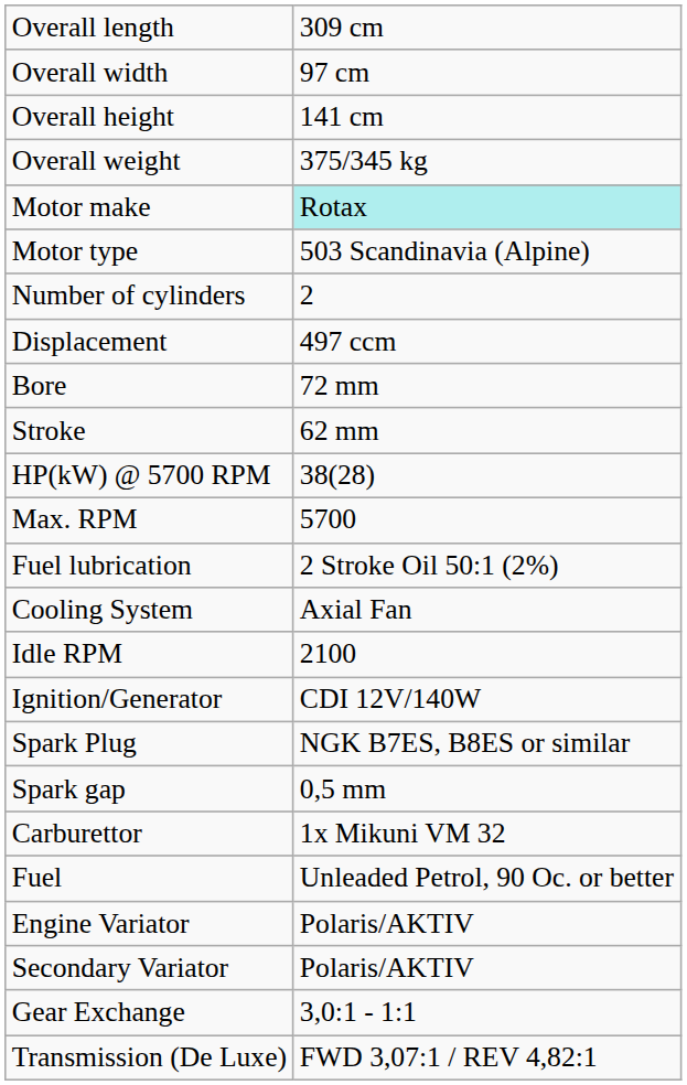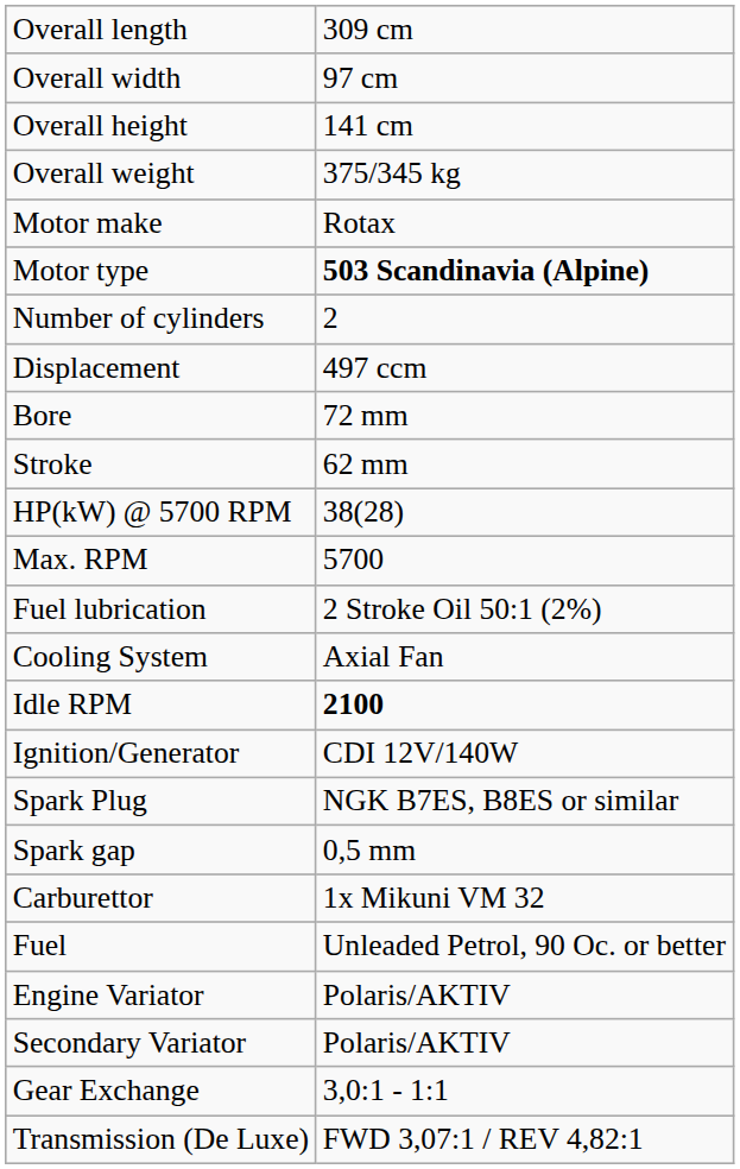 <table class="wikitable">
 <tr>
 <td>Overall length</td>
 <td>309 cm</td>
 </tr>
 <tr>
 <td>Overall width</td>
 <td>97 cm</td>
 </tr>
 <tr>
 <td>Overall height</td>
 <td>141 cm</td>
 </tr>
 <tr>
 <td>Overall weight</td>
 <td>375/345 kg</td>
 </tr>
 <tr>
 <td>Motor make</td>
-<td style="background: paleturquoise;">Rotax</td>
+<td>Rotax</td>
 </tr>
 <tr>
 <td>Motor type</td>
-<td>503 Scandinavia (Alpine)</td>
+<td><strong>503 Scandinavia (Alpine)</strong></td>
 </tr>
 <tr>
 <td>Number of cylinders</td>
 <td>2</td>
 </tr>
 <tr>
 <td>Displacement</td>
 <td>497 ccm</td>
 </tr>
 <tr>
 <td>Bore</td>
 <td>72 mm</td>
 </tr>
 <tr>
 <td>Stroke</td>
 <td>62 mm</td>
 </tr>
 <tr>
 <td>HP(kW) @ 5700 RPM</td>
 <td>38(28)</td>
 </tr>
 <tr>
 <td>Max. RPM</td>
 <td>5700</td>
 </tr>
 <tr>
 <td>Fuel lubrication</td>
 <td>2 Stroke Oil 50:1 (2%)</td>
 </tr>
 <tr>
 <td>Cooling System</td>
 <td>Axial Fan</td>
 </tr>
 <tr>
 <td>Idle RPM</td>
-<td>2100</td>
+<td><strong>2100</strong></td>
 </tr>
 <tr>
 <td>Ignition/Generator</td>
 <td>CDI 12V/140W</td>
 </tr>
 <tr>
 <td>Spark Plug</td>
 <td>NGK B7ES, B8ES or similar</td>
 </tr>
 <tr>
 <td>Spark gap</td>
 <td>0,5 mm</td>
 </tr>
 <tr>
 <td>Carburettor</td>
 <td>1x Mikuni VM 32</td>
 </tr>
 <tr>
 <td>Fuel</td>
 <td>Unleaded Petrol, 90 Oc. or better</td>
 </tr>
 <tr>
 <td>Engine Variator</td>
 <td>Polaris/AKTIV</td>
 </tr>
 <tr>
 <td>Secondary Variator</td>
 <td>Polaris/AKTIV</td>
 </tr>
 <tr>
 <td>Gear Exchange</td>
 <td>3,0:1 - 1:1</td>
 </tr>
 <tr>
 <td>Transmission (De Luxe)</td>
 <td>FWD 3,07:1 / REV 4,82:1</td>
 </tr>
 </table>
